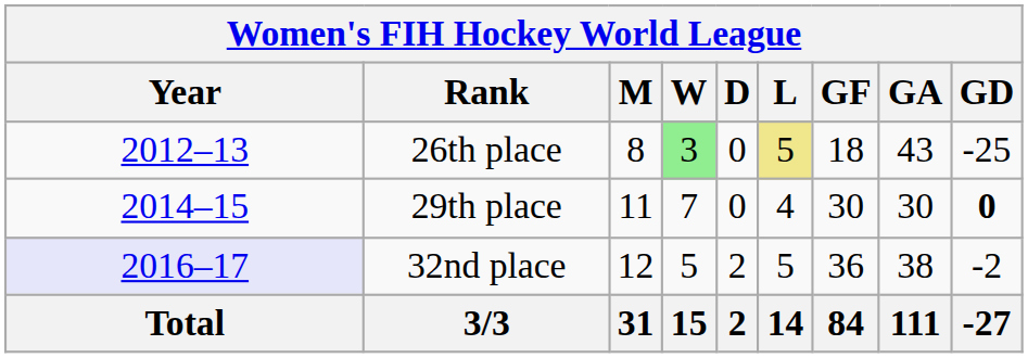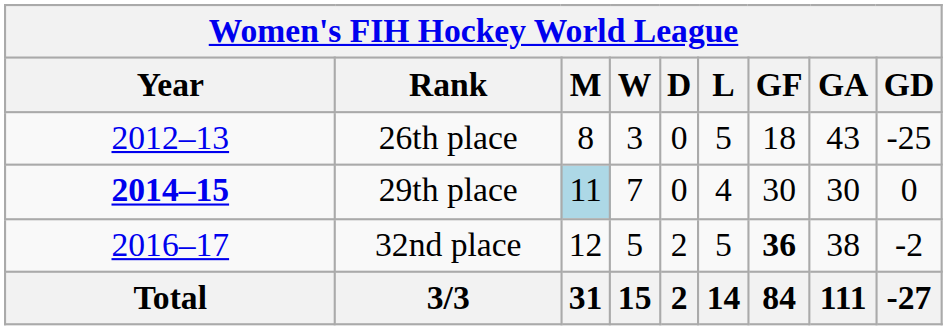 <table class="wikitable" style="text-align: center;font-size:100%;">
 <tr>
 <th colspan=9><a href='#'>Women's FIH Hockey World League</a></th>
 </tr>
 <tr>
 <th width=150>Year</th>
 <th width=100>Rank</th>
 <th>M</th>
 <th>W</th>
 <th>D</th>
 <th>L</th>
 <th>GF</th>
 <th>GA</th>
 <th>GD</th>
 </tr>
 <tr>
 <td><a href='#'>2012–13</a></td>
 <td>26th place</td>
 <td>8</td>
-<td style="background: lightgreen;">3</td>
+<td>3</td>
 <td>0</td>
-<td style="background: khaki;">5</td>
+<td>5</td>
 <td>18</td>
 <td>43</td>
 <td>-25</td>
 </tr>
 <tr>
-<td><a href='#'>2014–15</a></td>
+<td><strong><a href='#'>2014–15</a></strong></td>
 <td>29th place</td>
-<td>11</td>
+<td style="background: lightblue;">11</td>
 <td>7</td>
 <td>0</td>
 <td>4</td>
 <td>30</td>
 <td>30</td>
-<td><strong>0</strong></td>
+<td>0</td>
 </tr>
 <tr>
-<td style="background: lavender;"><a href='#'>2016–17</a></td>
+<td><a href='#'>2016–17</a></td>
 <td>32nd place</td>
 <td>12</td>
 <td>5</td>
 <td>2</td>
 <td>5</td>
-<td>36</td>
+<td><strong>36</strong></td>
 <td>38</td>
 <td>-2</td>
 </tr>
 <tr>
 <th><strong>Total</strong></th>
 <th>3/3</th>
 <th>31</th>
 <th>15</th>
 <th>2</th>
 <th>14</th>
 <th>84</th>
 <th>111</th>
 <th>-27</th>
 </tr>
 </table>
